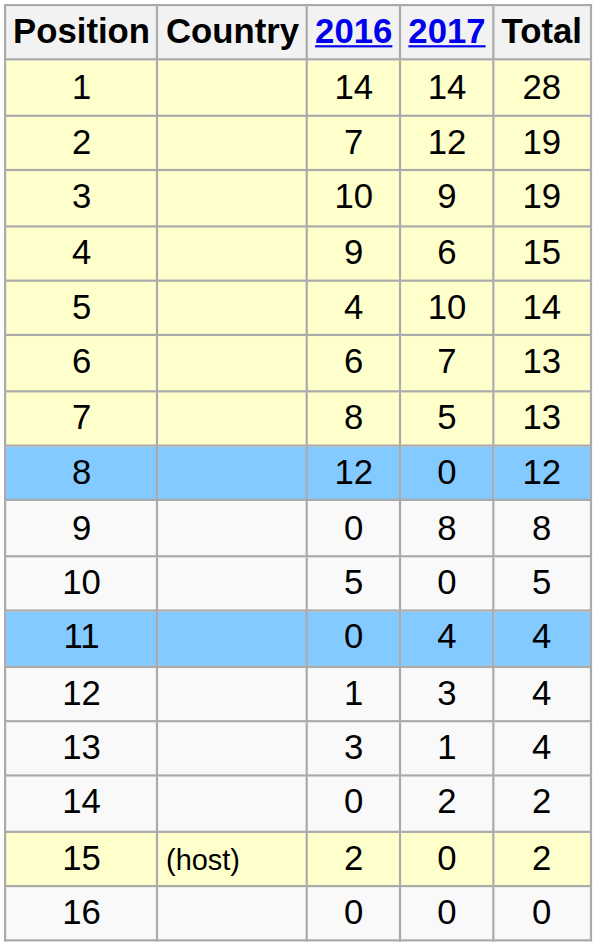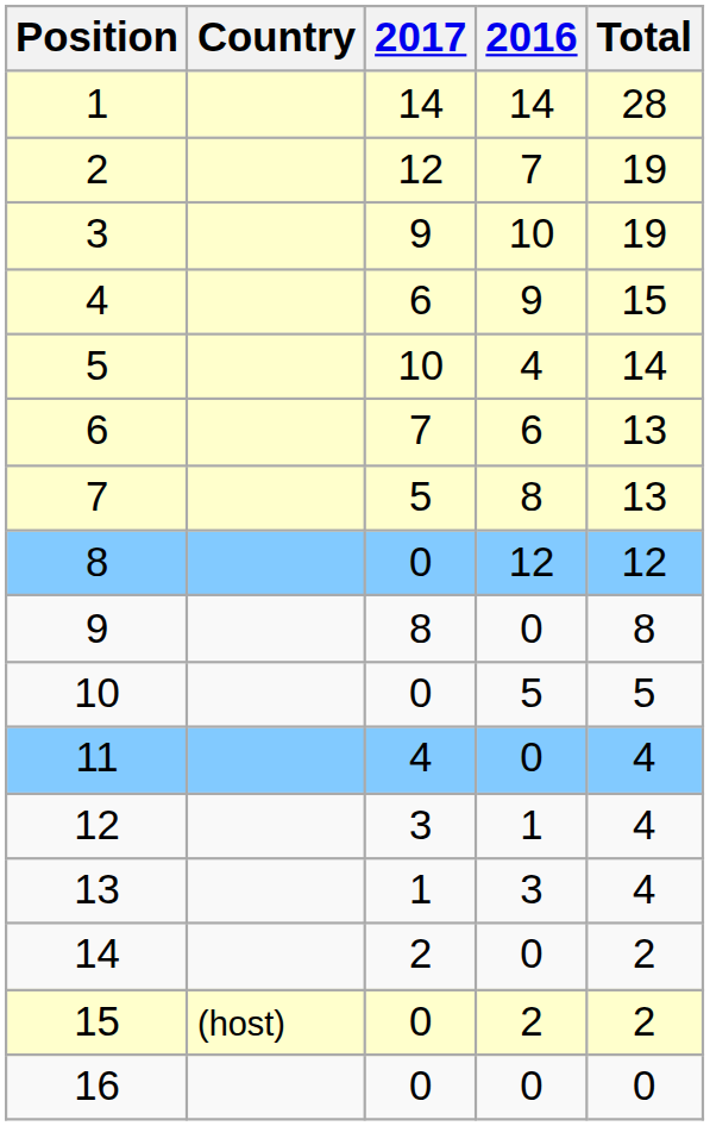 <table class="wikitable sortable" style="text-align:center;">
 <tr>
 <th>Position</th>
 <th>Country</th>
+<th><a href='#'>2017</a></th>
 <th><a href='#'>2016</a></th>
-<th><a href='#'>2017</a></th>
 <th>Total</th>
 </tr>
 <tr style="background:#ffffcc">
 <td>1</td>
 <td align=left></td>
 <td>14</td>
 <td>14</td>
 <td>28</td>
 </tr>
 <tr style="background:#ffffcc">
 <td>2</td>
 <td align=left></td>
+<td>12</td>
 <td>7</td>
-<td>12</td>
 <td>19</td>
 </tr>
 <tr style="background:#ffffcc">
 <td>3</td>
 <td align=left></td>
+<td>9</td>
 <td>10</td>
-<td>9</td>
 <td>19</td>
 </tr>
 <tr style="background:#ffffcc">
 <td>4</td>
 <td align=left></td>
+<td>6</td>
 <td>9</td>
-<td>6</td>
 <td>15</td>
 </tr>
 <tr style="background:#ffffcc">
 <td>5</td>
 <td align=left></td>
+<td>10</td>
 <td>4</td>
-<td>10</td>
 <td>14</td>
 </tr>
 <tr style="background:#ffffcc">
 <td>6</td>
 <td align=left></td>
+<td>7</td>
 <td>6</td>
-<td>7</td>
 <td>13</td>
 </tr>
 <tr style="background:#ffffcc">
 <td>7</td>
 <td align=left></td>
+<td>5</td>
 <td>8</td>
-<td>5</td>
 <td>13</td>
 </tr>
 <tr style="background:#82CAFF">
 <td>8</td>
 <td align=left></td>
+<td>0</td>
 <td>12</td>
-<td>0</td>
 <td>12</td>
 </tr>
 <tr>
 <td>9</td>
 <td align=left></td>
+<td>8</td>
 <td>0</td>
-<td>8</td>
 <td>8</td>
 </tr>
 <tr>
 <td>10</td>
 <td align=left></td>
+<td>0</td>
 <td>5</td>
-<td>0</td>
 <td>5</td>
 </tr>
 <tr style="background:#82CAFF">
 <td>11</td>
 <td align=left></td>
+<td>4</td>
 <td>0</td>
-<td>4</td>
 <td>4</td>
 </tr>
 <tr>
 <td>12</td>
+<td align=left></td>
+<td>3</td>
+<td>1</td>
+<td>4</td>
+</tr>
+<tr>
+<td>13</td>
 <td align=left></td>
 <td>1</td>
 <td>3</td>
 <td>4</td>
 </tr>
 <tr>
-<td>13</td>
-<td align=left></td>
-<td>3</td>
-<td>1</td>
-<td>4</td>
-</tr>
-<tr>
 <td>14</td>
 <td align=left></td>
+<td>2</td>
 <td>0</td>
-<td>2</td>
 <td>2</td>
 </tr>
 <tr style="background:#ffffcc">
 <td>15</td>
 <td align=left> <small>(host)</small></td>
+<td>0</td>
 <td>2</td>
-<td>0</td>
 <td>2</td>
 </tr>
 <tr>
 <td>16</td>
 <td align=left></td>
 <td>0</td>
 <td>0</td>
 <td>0</td>
 </tr>
 </table>
